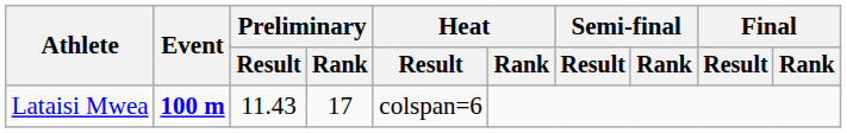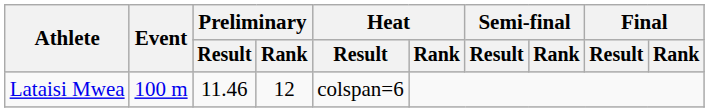 <table class=wikitable style=font-size:90%>
 <tr>
 <th rowspan=2>Athlete</th>
 <th rowspan=2>Event</th>
 <th colspan=2>Preliminary</th>
 <th colspan=2>Heat</th>
 <th colspan=2>Semi-final</th>
 <th colspan=2>Final</th>
 </tr>
 <tr style=font-size:95%>
 <th>Result</th>
 <th>Rank</th>
 <th>Result</th>
 <th>Rank</th>
 <th>Result</th>
 <th>Rank</th>
 <th>Result</th>
 <th>Rank</th>
 </tr>
 <tr align=center>
 <td align=left><a href='#'>Lataisi Mwea</a></td>
-<td align=left><strong><a href='#'>100 m</a></strong></td>
-<td>11.43</td>
-<td>17</td>
+<td align=left><a href='#'>100 m</a></td>
+<td>11.46</td>
+<td>12</td>
 <td>colspan=6 </td>
 </tr>
 </table>
